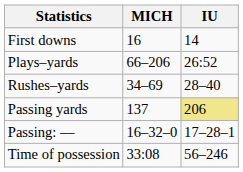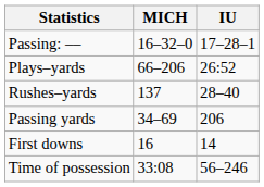 <table class="wikitable" style="float:left">
 <tr>
 <th>Statistics</th>
 <th>MICH</th>
 <th>IU</th>
 </tr>
 <tr>
-<td>First downs</td>
-<td>16</td>
-<td>14</td>
+<td>Passing: ––</td>
+<td>16–32–0</td>
+<td>17–28–1</td>
 </tr>
 <tr>
 <td>Plays–yards</td>
 <td>66–206</td>
 <td>26:52</td>
 </tr>
 <tr>
 <td>Rushes–yards</td>
-<td>34–69</td>
+<td>137</td>
 <td>28–40</td>
 </tr>
 <tr>
 <td>Passing yards</td>
-<td>137</td>
-<td style="background: khaki;">206</td>
+<td>34–69</td>
+<td>206</td>
 </tr>
 <tr>
-<td>Passing: ––</td>
-<td>16–32–0</td>
-<td>17–28–1</td>
+<td>First downs</td>
+<td>16</td>
+<td>14</td>
 </tr>
 <tr>
 <td>Time of possession</td>
 <td>33:08</td>
 <td>56–246</td>
 </tr>
 </table>
